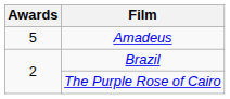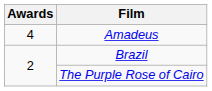 <table class="wikitable" style="text-align:center;">
 <tr>
 <th style="background:">Awards</th>
 <th style="background:">Film</th>
 </tr>
 <tr>
-<td>5</td>
+<td>4</td>
 <td><em><a href='#'>Amadeus</a></em></td>
 </tr>
 <tr>
 <td rowspan="2">2</td>
 <td><em><a href='#'>Brazil</a></em></td>
 </tr>
 <tr>
 <td><em><a href='#'>The Purple Rose of Cairo</a></em></td>
 </tr>
 </table>
